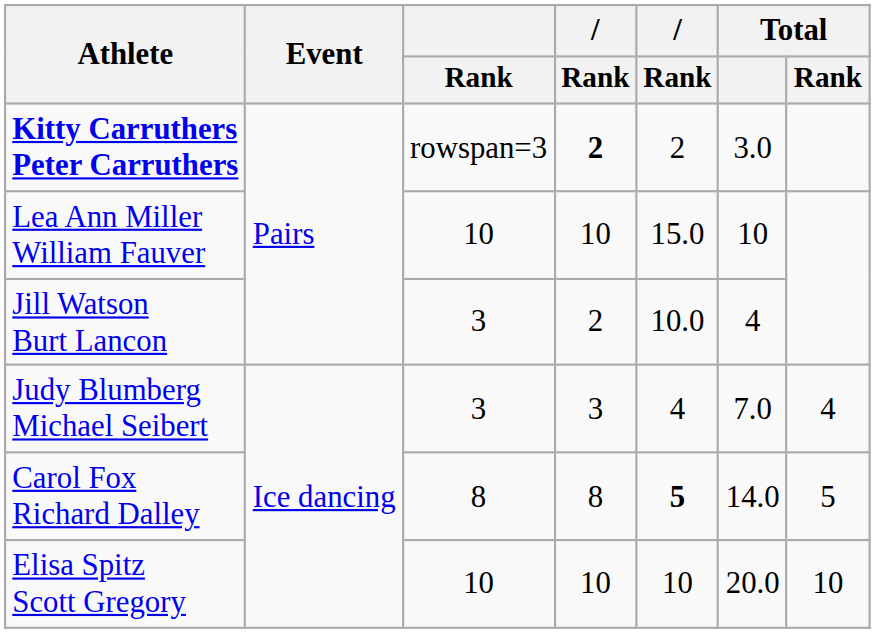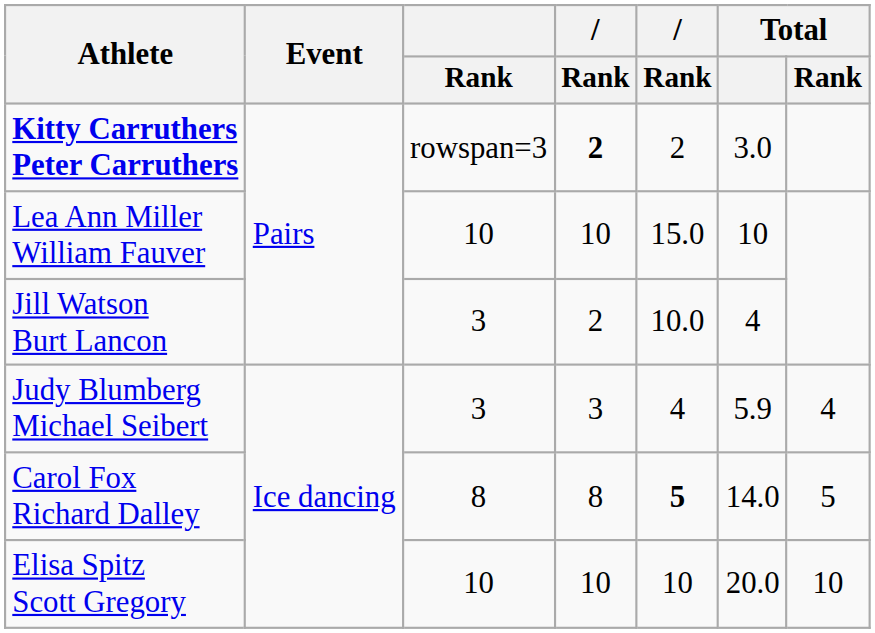 <table class=wikitable style=font-size:90%;text-align:center>
 <tr>
 <th rowspan=2>Athlete</th>
 <th rowspan=2>Event</th>
 <th></th>
 <th> / </th>
 <th> / </th>
 <th colspan=2>Total</th>
 </tr>
 <tr style=font-size:95%>
 <th>Rank</th>
 <th>Rank</th>
 <th>Rank</th>
 <th></th>
 <th>Rank</th>
 </tr>
 <tr>
 <td align=left><strong><a href='#'>Kitty Carruthers</a><br><a href='#'>Peter Carruthers</a></strong></td>
 <td align=left rowspan=3><a href='#'>Pairs</a></td>
 <td>rowspan=3 </td>
 <td><strong>2</strong></td>
 <td>2</td>
 <td>3.0</td>
 <td></td>
 </tr>
 <tr>
 <td align=left><a href='#'>Lea Ann Miller</a><br><a href='#'>William Fauver</a></td>
 <td>10</td>
 <td>10</td>
 <td>15.0</td>
 <td>10</td>
 </tr>
 <tr>
 <td align=left><a href='#'>Jill Watson</a><br><a href='#'>Burt Lancon</a></td>
 <td>3</td>
 <td>2</td>
 <td>10.0</td>
 <td>4</td>
 </tr>
 <tr>
 <td align=left><a href='#'>Judy Blumberg</a><br><a href='#'>Michael Seibert</a></td>
 <td align=left rowspan=3><a href='#'>Ice dancing</a></td>
 <td>3</td>
 <td>3</td>
 <td>4</td>
-<td>7.0</td>
+<td>5.9</td>
 <td>4</td>
 </tr>
 <tr>
 <td align=left><a href='#'>Carol Fox</a><br><a href='#'>Richard Dalley</a></td>
 <td>8</td>
 <td>8</td>
 <td><strong>5</strong></td>
 <td>14.0</td>
 <td>5</td>
 </tr>
 <tr>
 <td align=left><a href='#'>Elisa Spitz</a><br><a href='#'>Scott Gregory</a></td>
 <td>10</td>
 <td>10</td>
 <td>10</td>
 <td>20.0</td>
 <td>10</td>
 </tr>
 </table>
